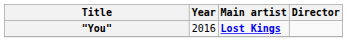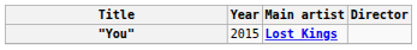 <table class="wikitable plainrowheaders" border="1">
 <tr>
 <th scope="col" style="width:18em;">Title</th>
 <th scope="col">Year</th>
 <th scope="col">Main artist</th>
 <th scope="col">Director</th>
 </tr>
 <tr>
 <th scope="row">"You"</th>
-<td>2016</td>
+<td>2015</td>
 <td><strong><a href='#'>Lost Kings</a></strong></td>
 <td></td>
 </tr>
 <tr>
 </tr>
 </table>
